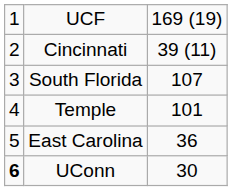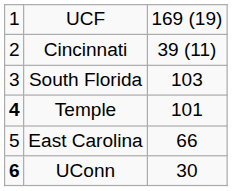 <table class="wikitable" style="display: inline-table;">
 <tr align="center">
 <td>1</td>
 <td>UCF</td>
 <td>169 (19)</td>
 </tr>
 <tr align="center">
 <td>2</td>
 <td>Cincinnati</td>
 <td>39 (11)</td>
 </tr>
 <tr align="center">
 <td>3</td>
 <td>South Florida</td>
-<td>107</td>
+<td>103</td>
 </tr>
 <tr align="center">
-<td>4</td>
+<td><strong>4</strong></td>
 <td>Temple</td>
 <td>101</td>
 </tr>
 <tr align="center">
 <td>5</td>
 <td>East Carolina</td>
-<td>36</td>
+<td>66</td>
 </tr>
 <tr align="center">
 <td><strong>6</strong></td>
 <td>UConn</td>
 <td>30</td>
 </tr>
 </table>
